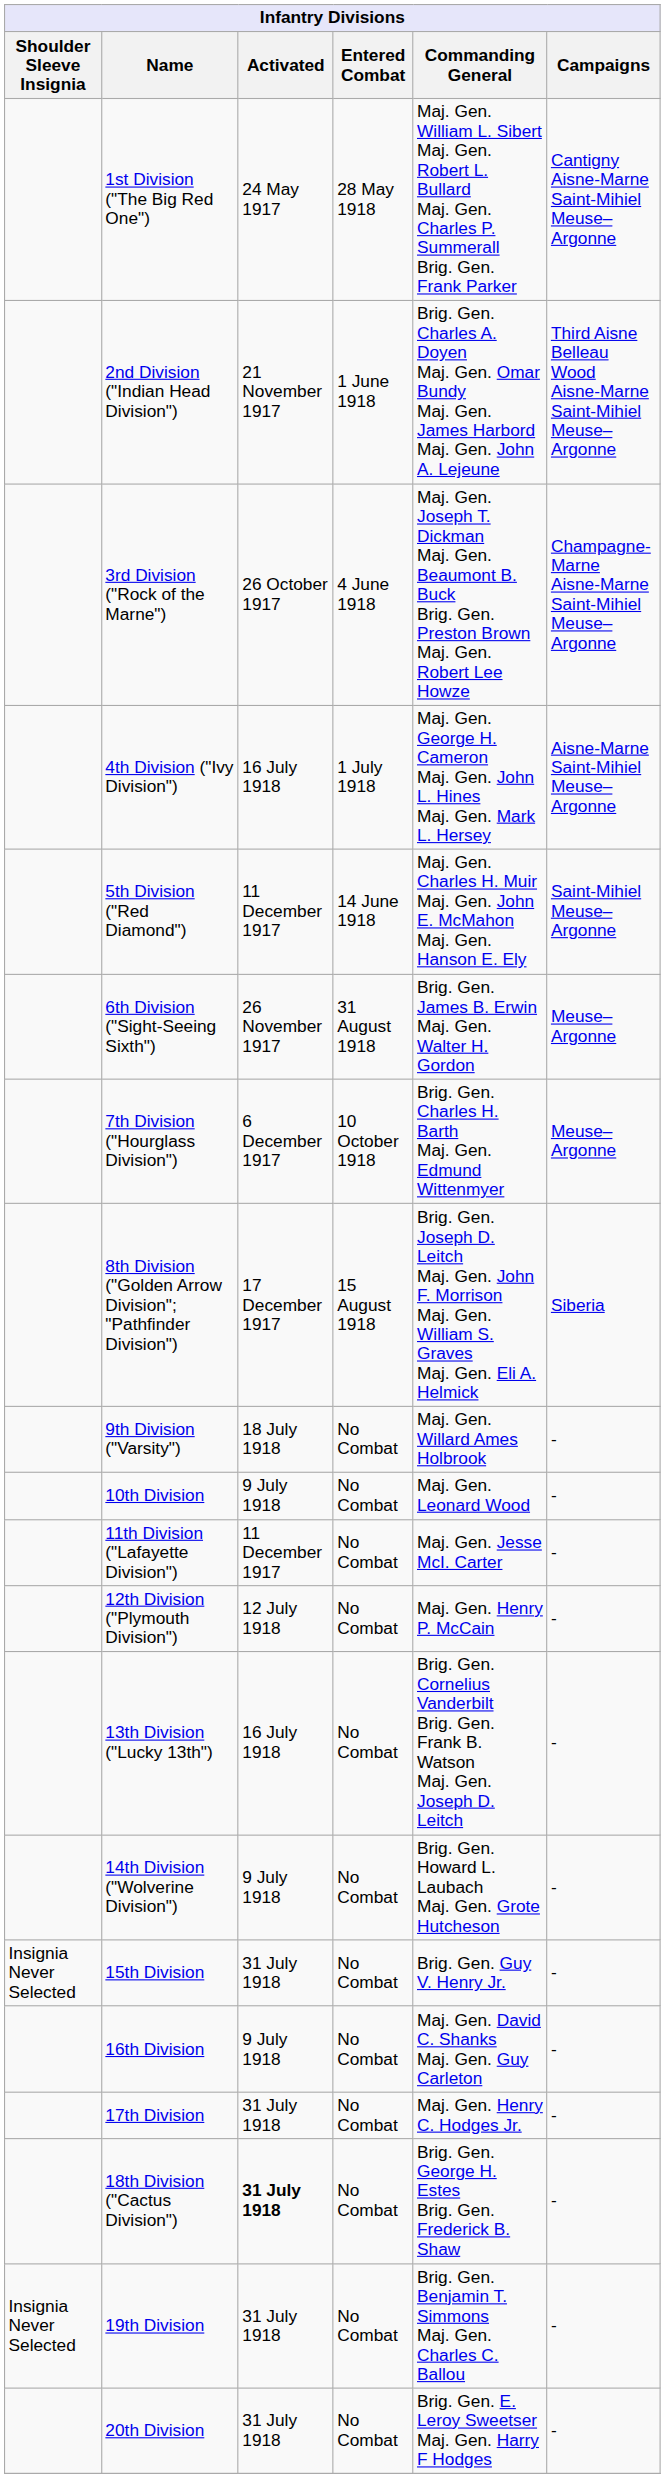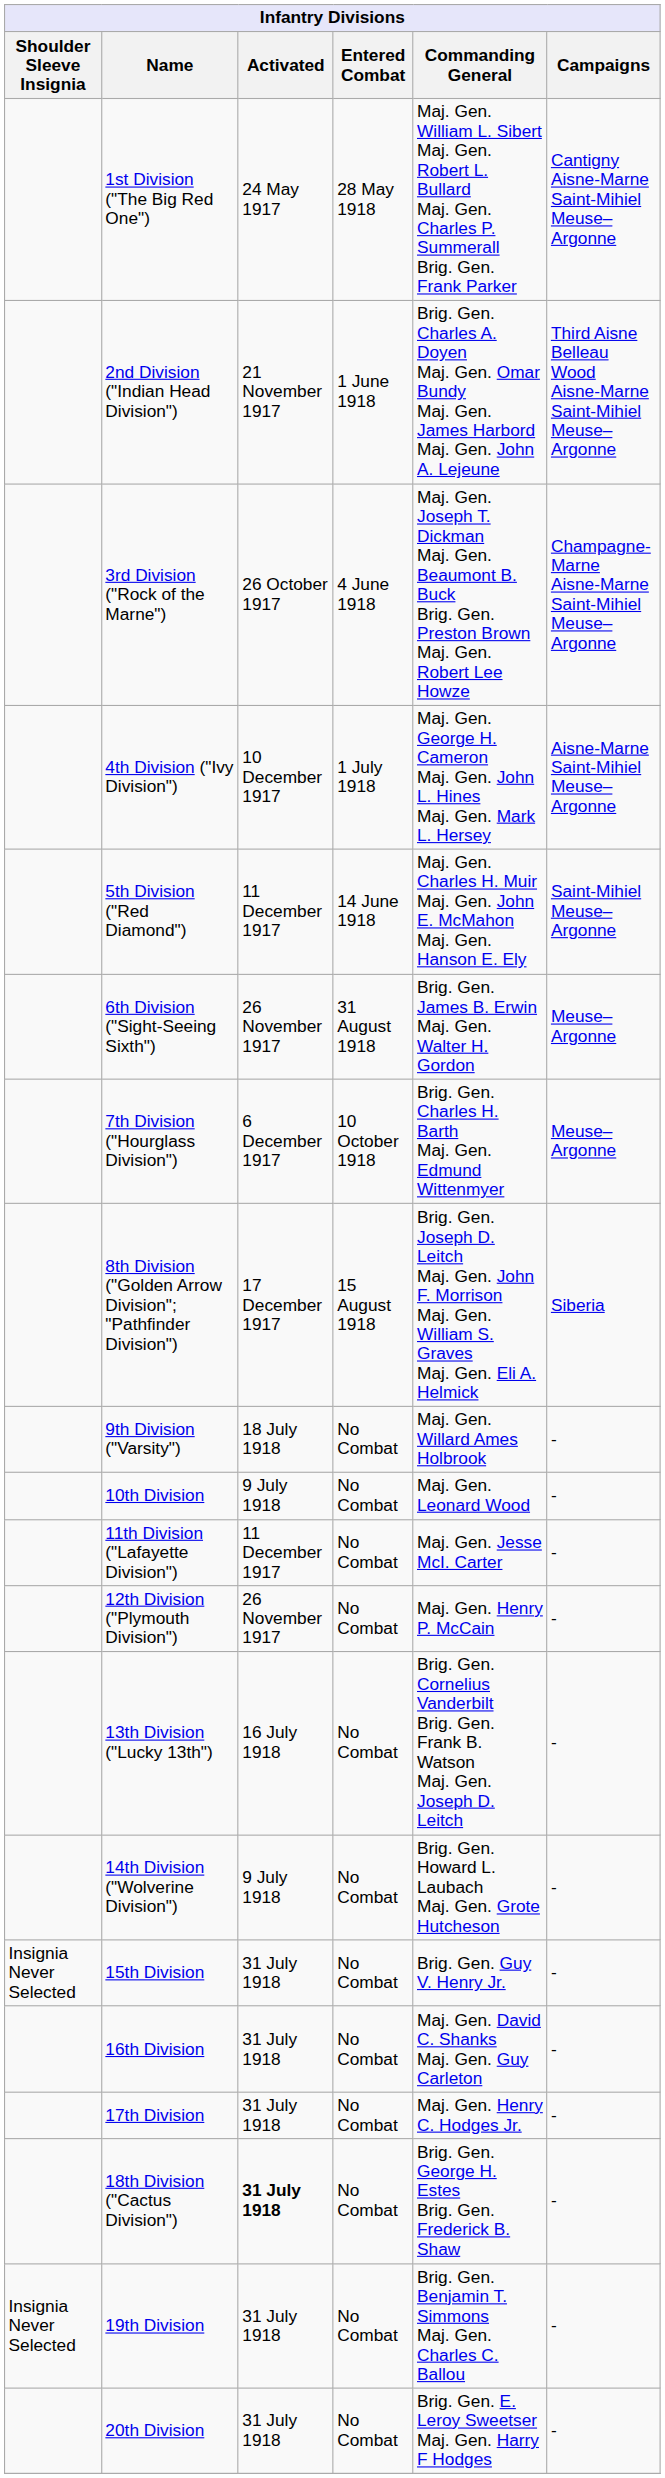 <table class="wikitable">
 <tr>
 <th style="align: center; background: lavender;" colspan="9">Infantry Divisions</th>
 </tr>
 <tr>
 <th style="text-align: center; ">Shoulder Sleeve Insignia</th>
 <th style="text-align: center; ">Name</th>
 <th style="text-align: center; ">Activated</th>
 <th style="text-align: center; ">Entered Combat</th>
 <th style="text-align: center; ">Commanding General</th>
 <th style="text-align: center; ">Campaigns</th>
 </tr>
 <tr>
 <td></td>
 <td><a href='#'>1st Division</a><br>("The Big Red One")</td>
 <td>24 May 1917</td>
 <td>28 May 1918</td>
 <td>Maj. Gen. <a href='#'>William L. Sibert</a><br>Maj. Gen. <a href='#'>Robert L. Bullard</a><br>Maj. Gen. <a href='#'>Charles P. Summerall</a><br>Brig. Gen. <a href='#'>Frank Parker</a></td>
 <td><a href='#'>Cantigny</a><br><a href='#'>Aisne-Marne</a><br><a href='#'>Saint-Mihiel</a><br><a href='#'>Meuse–Argonne</a></td>
 </tr>
 <tr>
 <td></td>
 <td><a href='#'>2nd Division</a><br>("Indian Head Division")</td>
 <td>21 November 1917</td>
 <td>1 June 1918</td>
 <td>Brig. Gen. <a href='#'>Charles A. Doyen</a><br>Maj. Gen. <a href='#'>Omar Bundy</a><br>Maj. Gen. <a href='#'>James Harbord</a><br>Maj. Gen. <a href='#'>John A. Lejeune</a></td>
 <td><a href='#'>Third Aisne</a><br><a href='#'>Belleau Wood</a><br><a href='#'>Aisne-Marne</a><br><a href='#'>Saint-Mihiel</a><br><a href='#'>Meuse–Argonne</a></td>
 </tr>
 <tr>
 <td></td>
 <td><a href='#'>3rd Division</a> ("Rock of the Marne")</td>
 <td>26 October 1917</td>
 <td>4 June 1918</td>
 <td>Maj. Gen. <a href='#'>Joseph T. Dickman</a><br>Maj. Gen. <a href='#'>Beaumont B. Buck</a><br>Brig. Gen. <a href='#'>Preston Brown</a><br>Maj. Gen. <a href='#'>Robert Lee Howze</a></td>
 <td><a href='#'>Champagne-Marne</a><br><a href='#'>Aisne-Marne</a><br><a href='#'>Saint-Mihiel</a><br><a href='#'>Meuse–Argonne</a></td>
 </tr>
 <tr>
 <td></td>
 <td><a href='#'>4th Division</a> ("Ivy Division")</td>
-<td>16 July 1918</td>
+<td>10 December 1917</td>
 <td>1 July 1918</td>
 <td>Maj. Gen. <a href='#'>George H. Cameron</a><br>Maj. Gen. <a href='#'>John L. Hines</a><br>Maj. Gen. <a href='#'>Mark L. Hersey</a></td>
 <td><a href='#'>Aisne-Marne</a><br><a href='#'>Saint-Mihiel</a><br><a href='#'>Meuse–Argonne</a></td>
 </tr>
 <tr>
 <td></td>
 <td><a href='#'>5th Division</a> ("Red Diamond")</td>
 <td>11 December 1917</td>
 <td>14 June 1918</td>
 <td>Maj. Gen. <a href='#'>Charles H. Muir</a><br>Maj. Gen. <a href='#'>John E. McMahon</a><br>Maj. Gen. <a href='#'>Hanson E. Ely</a></td>
 <td><a href='#'>Saint-Mihiel</a><br><a href='#'>Meuse–Argonne</a></td>
 </tr>
 <tr>
 <td></td>
 <td><a href='#'>6th Division</a> ("Sight-Seeing Sixth")</td>
 <td>26 November 1917</td>
 <td>31 August 1918</td>
 <td>Brig. Gen. <a href='#'>James B. Erwin</a><br>Maj. Gen. <a href='#'>Walter H. Gordon</a></td>
 <td><a href='#'>Meuse–Argonne</a></td>
 </tr>
 <tr>
 <td></td>
 <td><a href='#'>7th Division</a> ("Hourglass Division")</td>
 <td>6 December 1917</td>
 <td>10 October 1918</td>
 <td>Brig. Gen. <a href='#'>Charles H. Barth</a><br>Maj. Gen. <a href='#'>Edmund Wittenmyer</a></td>
 <td><a href='#'>Meuse–Argonne</a></td>
 </tr>
 <tr>
 <td></td>
 <td><a href='#'>8th Division</a> ("Golden Arrow Division"; "Pathfinder Division")</td>
 <td>17 December 1917</td>
 <td>15 August 1918</td>
 <td>Brig. Gen. <a href='#'>Joseph D. Leitch</a><br>Maj. Gen. <a href='#'>John F. Morrison</a><br>Maj. Gen. <a href='#'>William S. Graves</a><br>Maj. Gen. <a href='#'>Eli A. Helmick</a></td>
 <td><a href='#'>Siberia</a></td>
 </tr>
 <tr>
 <td></td>
 <td><a href='#'>9th Division</a> ("Varsity")</td>
 <td>18 July 1918</td>
 <td>No Combat</td>
 <td>Maj. Gen. <a href='#'>Willard Ames Holbrook</a></td>
 <td>-</td>
 </tr>
 <tr>
 <td></td>
 <td><a href='#'>10th Division</a></td>
 <td>9 July 1918</td>
 <td>No Combat</td>
 <td>Maj. Gen. <a href='#'>Leonard Wood</a></td>
 <td>-</td>
 </tr>
 <tr>
 <td></td>
 <td><a href='#'>11th Division</a> ("Lafayette Division")</td>
 <td>11 December 1917</td>
 <td>No Combat</td>
 <td>Maj. Gen. <a href='#'>Jesse McI. Carter</a></td>
 <td>-</td>
 </tr>
 <tr>
 <td></td>
 <td><a href='#'>12th Division</a> ("Plymouth Division")</td>
-<td>12 July 1918</td>
+<td>26 November 1917</td>
 <td>No Combat</td>
 <td>Maj. Gen. <a href='#'>Henry P. McCain</a></td>
 <td>-</td>
 </tr>
 <tr>
 <td></td>
 <td><a href='#'>13th Division</a> ("Lucky 13th")</td>
 <td>16 July 1918</td>
 <td>No Combat</td>
 <td>Brig. Gen. <a href='#'>Cornelius Vanderbilt</a><br>Brig. Gen. Frank B. Watson<br>Maj. Gen. <a href='#'>Joseph D. Leitch</a></td>
 <td>-</td>
 </tr>
 <tr>
 <td></td>
 <td><a href='#'>14th Division</a> ("Wolverine Division")</td>
 <td>9 July 1918</td>
 <td>No Combat</td>
 <td>Brig. Gen. Howard L. Laubach<br>Maj. Gen. <a href='#'>Grote Hutcheson</a></td>
 <td>-</td>
 </tr>
 <tr>
 <td>Insignia Never Selected</td>
 <td><a href='#'>15th Division</a></td>
 <td>31 July 1918</td>
 <td>No Combat</td>
 <td>Brig. Gen. <a href='#'>Guy V. Henry Jr.</a></td>
 <td>-</td>
 </tr>
 <tr>
 <td></td>
 <td><a href='#'>16th Division</a></td>
-<td>9 July 1918</td>
+<td>31 July 1918</td>
 <td>No Combat</td>
 <td>Maj. Gen. <a href='#'>David C. Shanks</a><br>Maj. Gen. <a href='#'>Guy Carleton</a></td>
 <td>-</td>
 </tr>
 <tr>
 <td></td>
 <td><a href='#'>17th Division</a></td>
 <td>31 July 1918</td>
 <td>No Combat</td>
 <td>Maj. Gen. <a href='#'>Henry C. Hodges Jr.</a></td>
 <td>-</td>
 </tr>
 <tr>
 <td></td>
 <td><a href='#'>18th Division</a> ("Cactus Division")</td>
 <td><strong>31 July 1918</strong></td>
 <td>No Combat</td>
 <td>Brig. Gen. <a href='#'>George H. Estes</a><br>Brig. Gen. <a href='#'>Frederick B. Shaw</a></td>
 <td>-</td>
 </tr>
 <tr>
 <td>Insignia Never Selected</td>
 <td><a href='#'>19th Division</a></td>
 <td>31 July 1918</td>
 <td>No Combat</td>
 <td>Brig. Gen. <a href='#'>Benjamin T. Simmons</a><br>Maj. Gen. <a href='#'>Charles C. Ballou</a></td>
 <td>-</td>
 </tr>
 <tr>
 <td></td>
 <td><a href='#'>20th Division</a></td>
 <td>31 July 1918</td>
 <td>No Combat</td>
 <td>Brig. Gen. <a href='#'>E. Leroy Sweetser</a><br>Maj. Gen. <a href='#'>Harry F Hodges</a></td>
 <td>-</td>
 </tr>
 <tr>
 </tr>
 </table>
